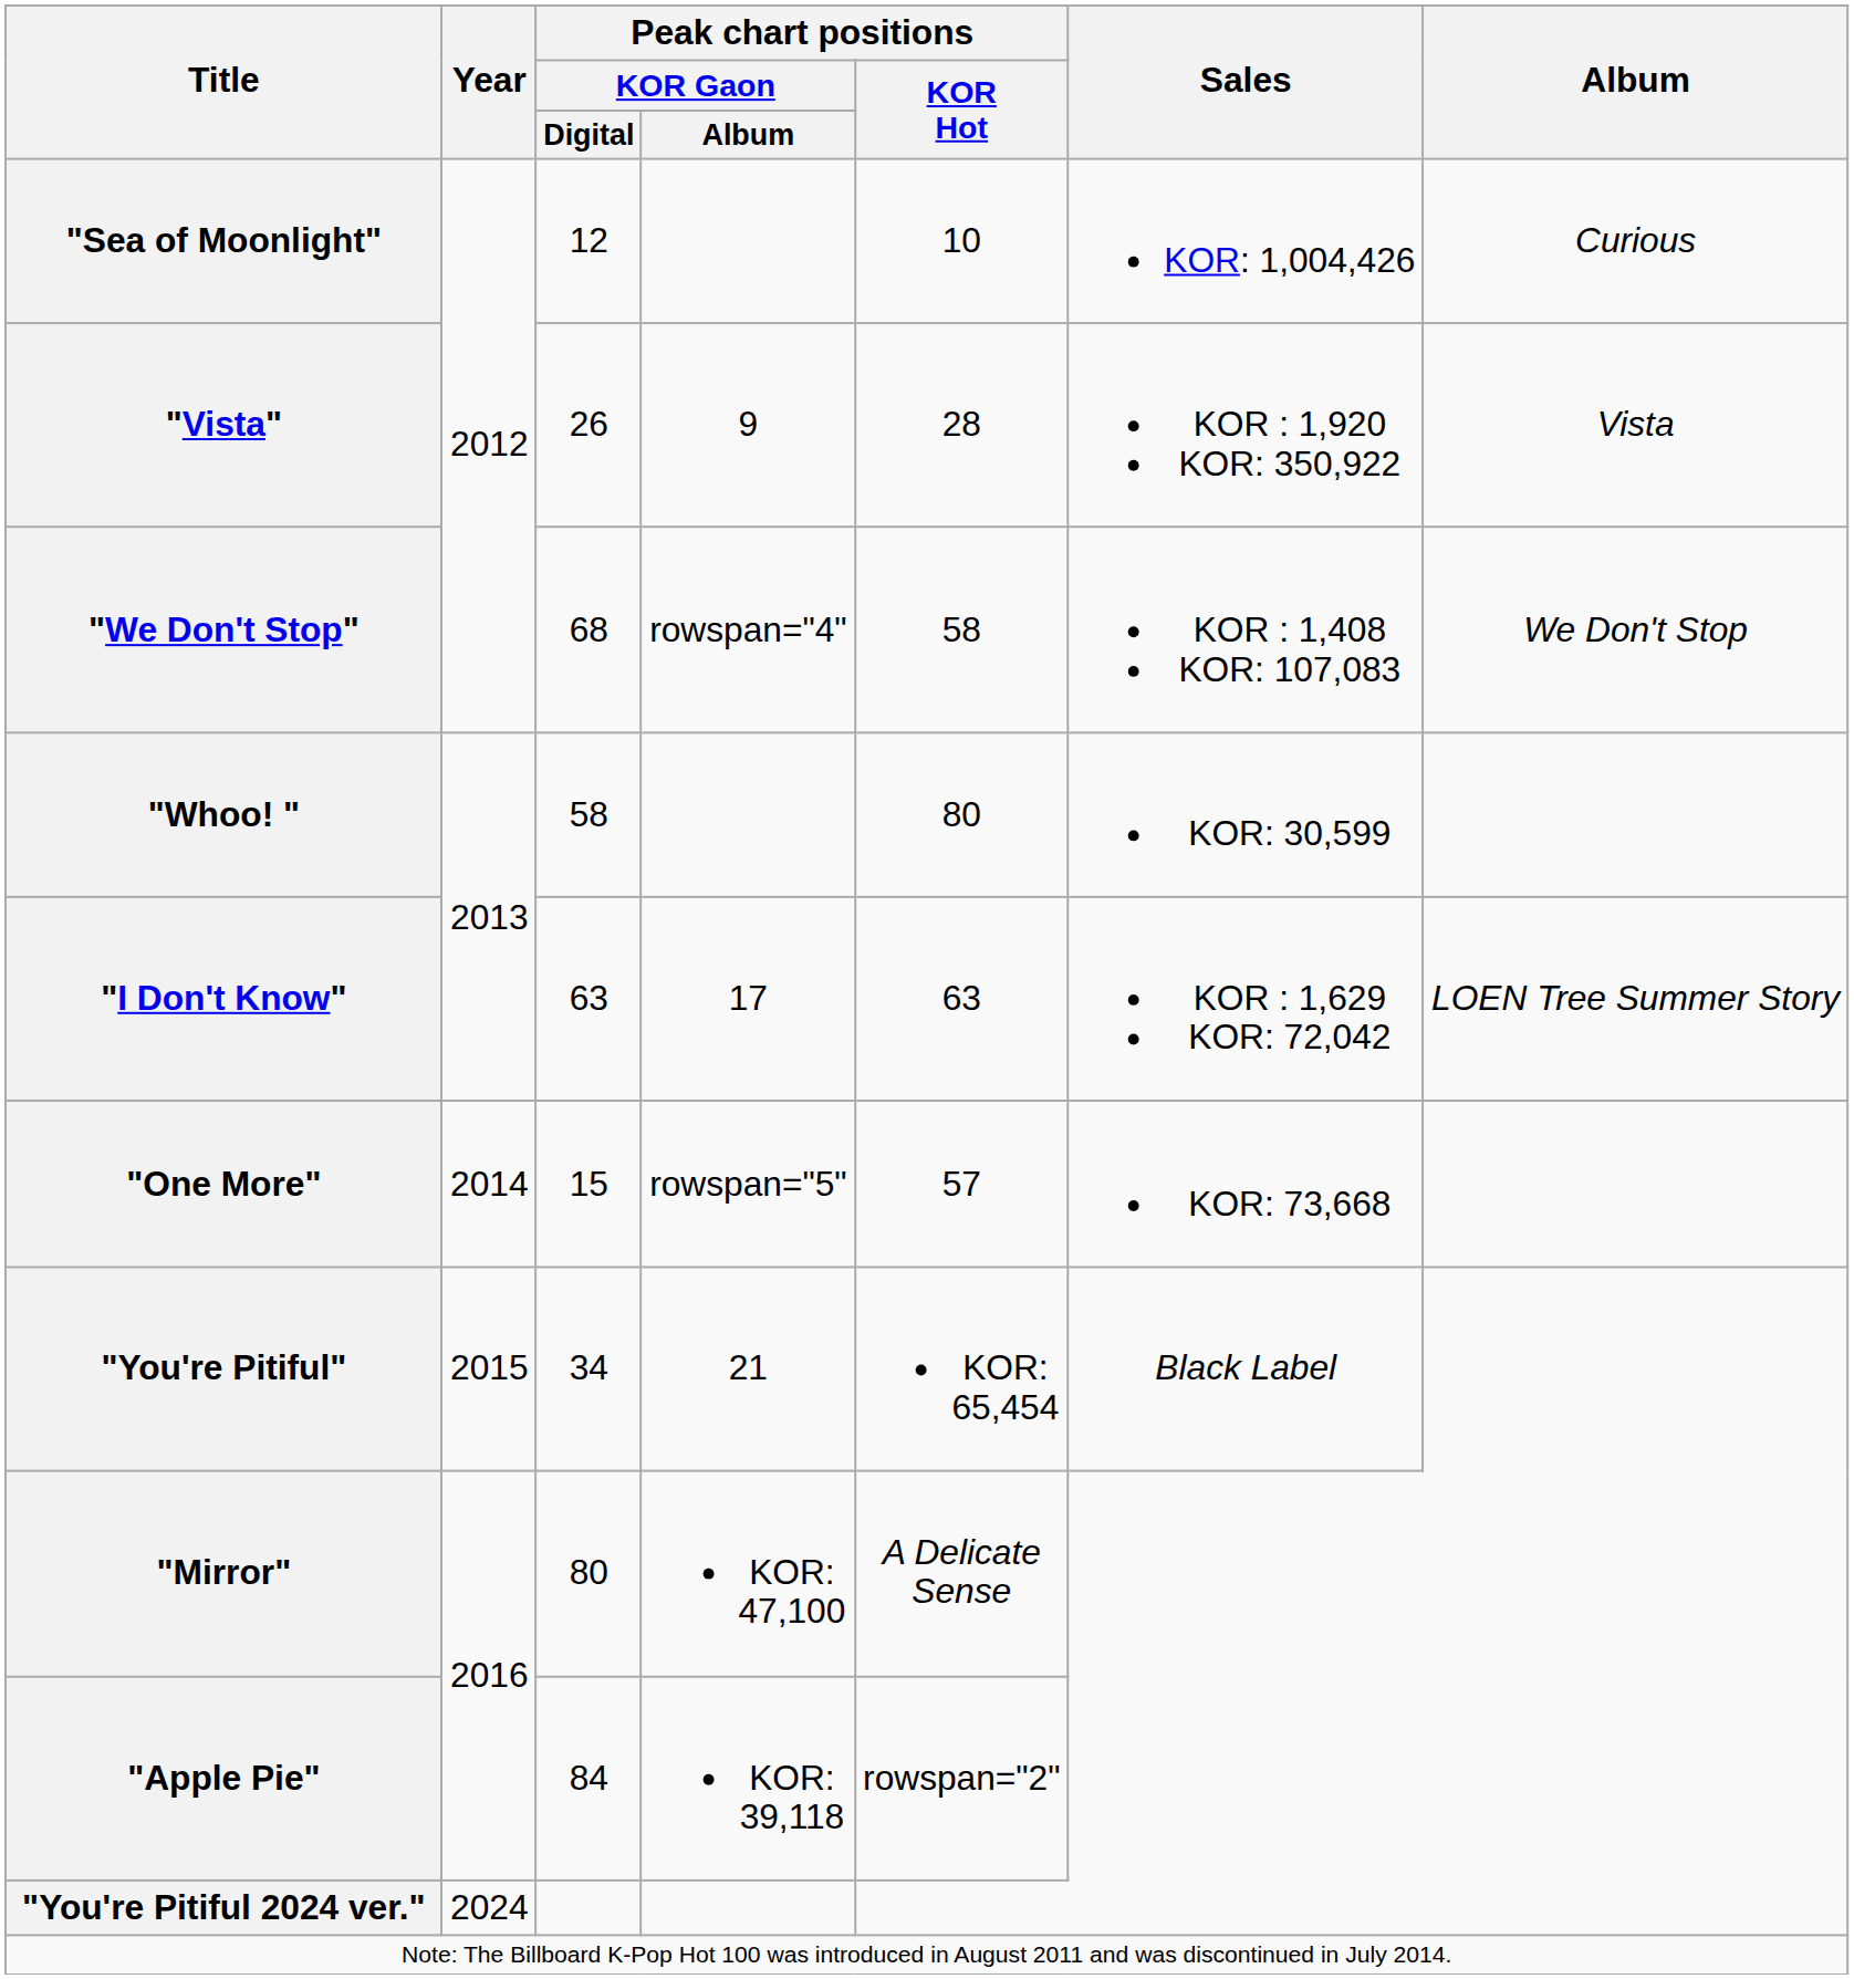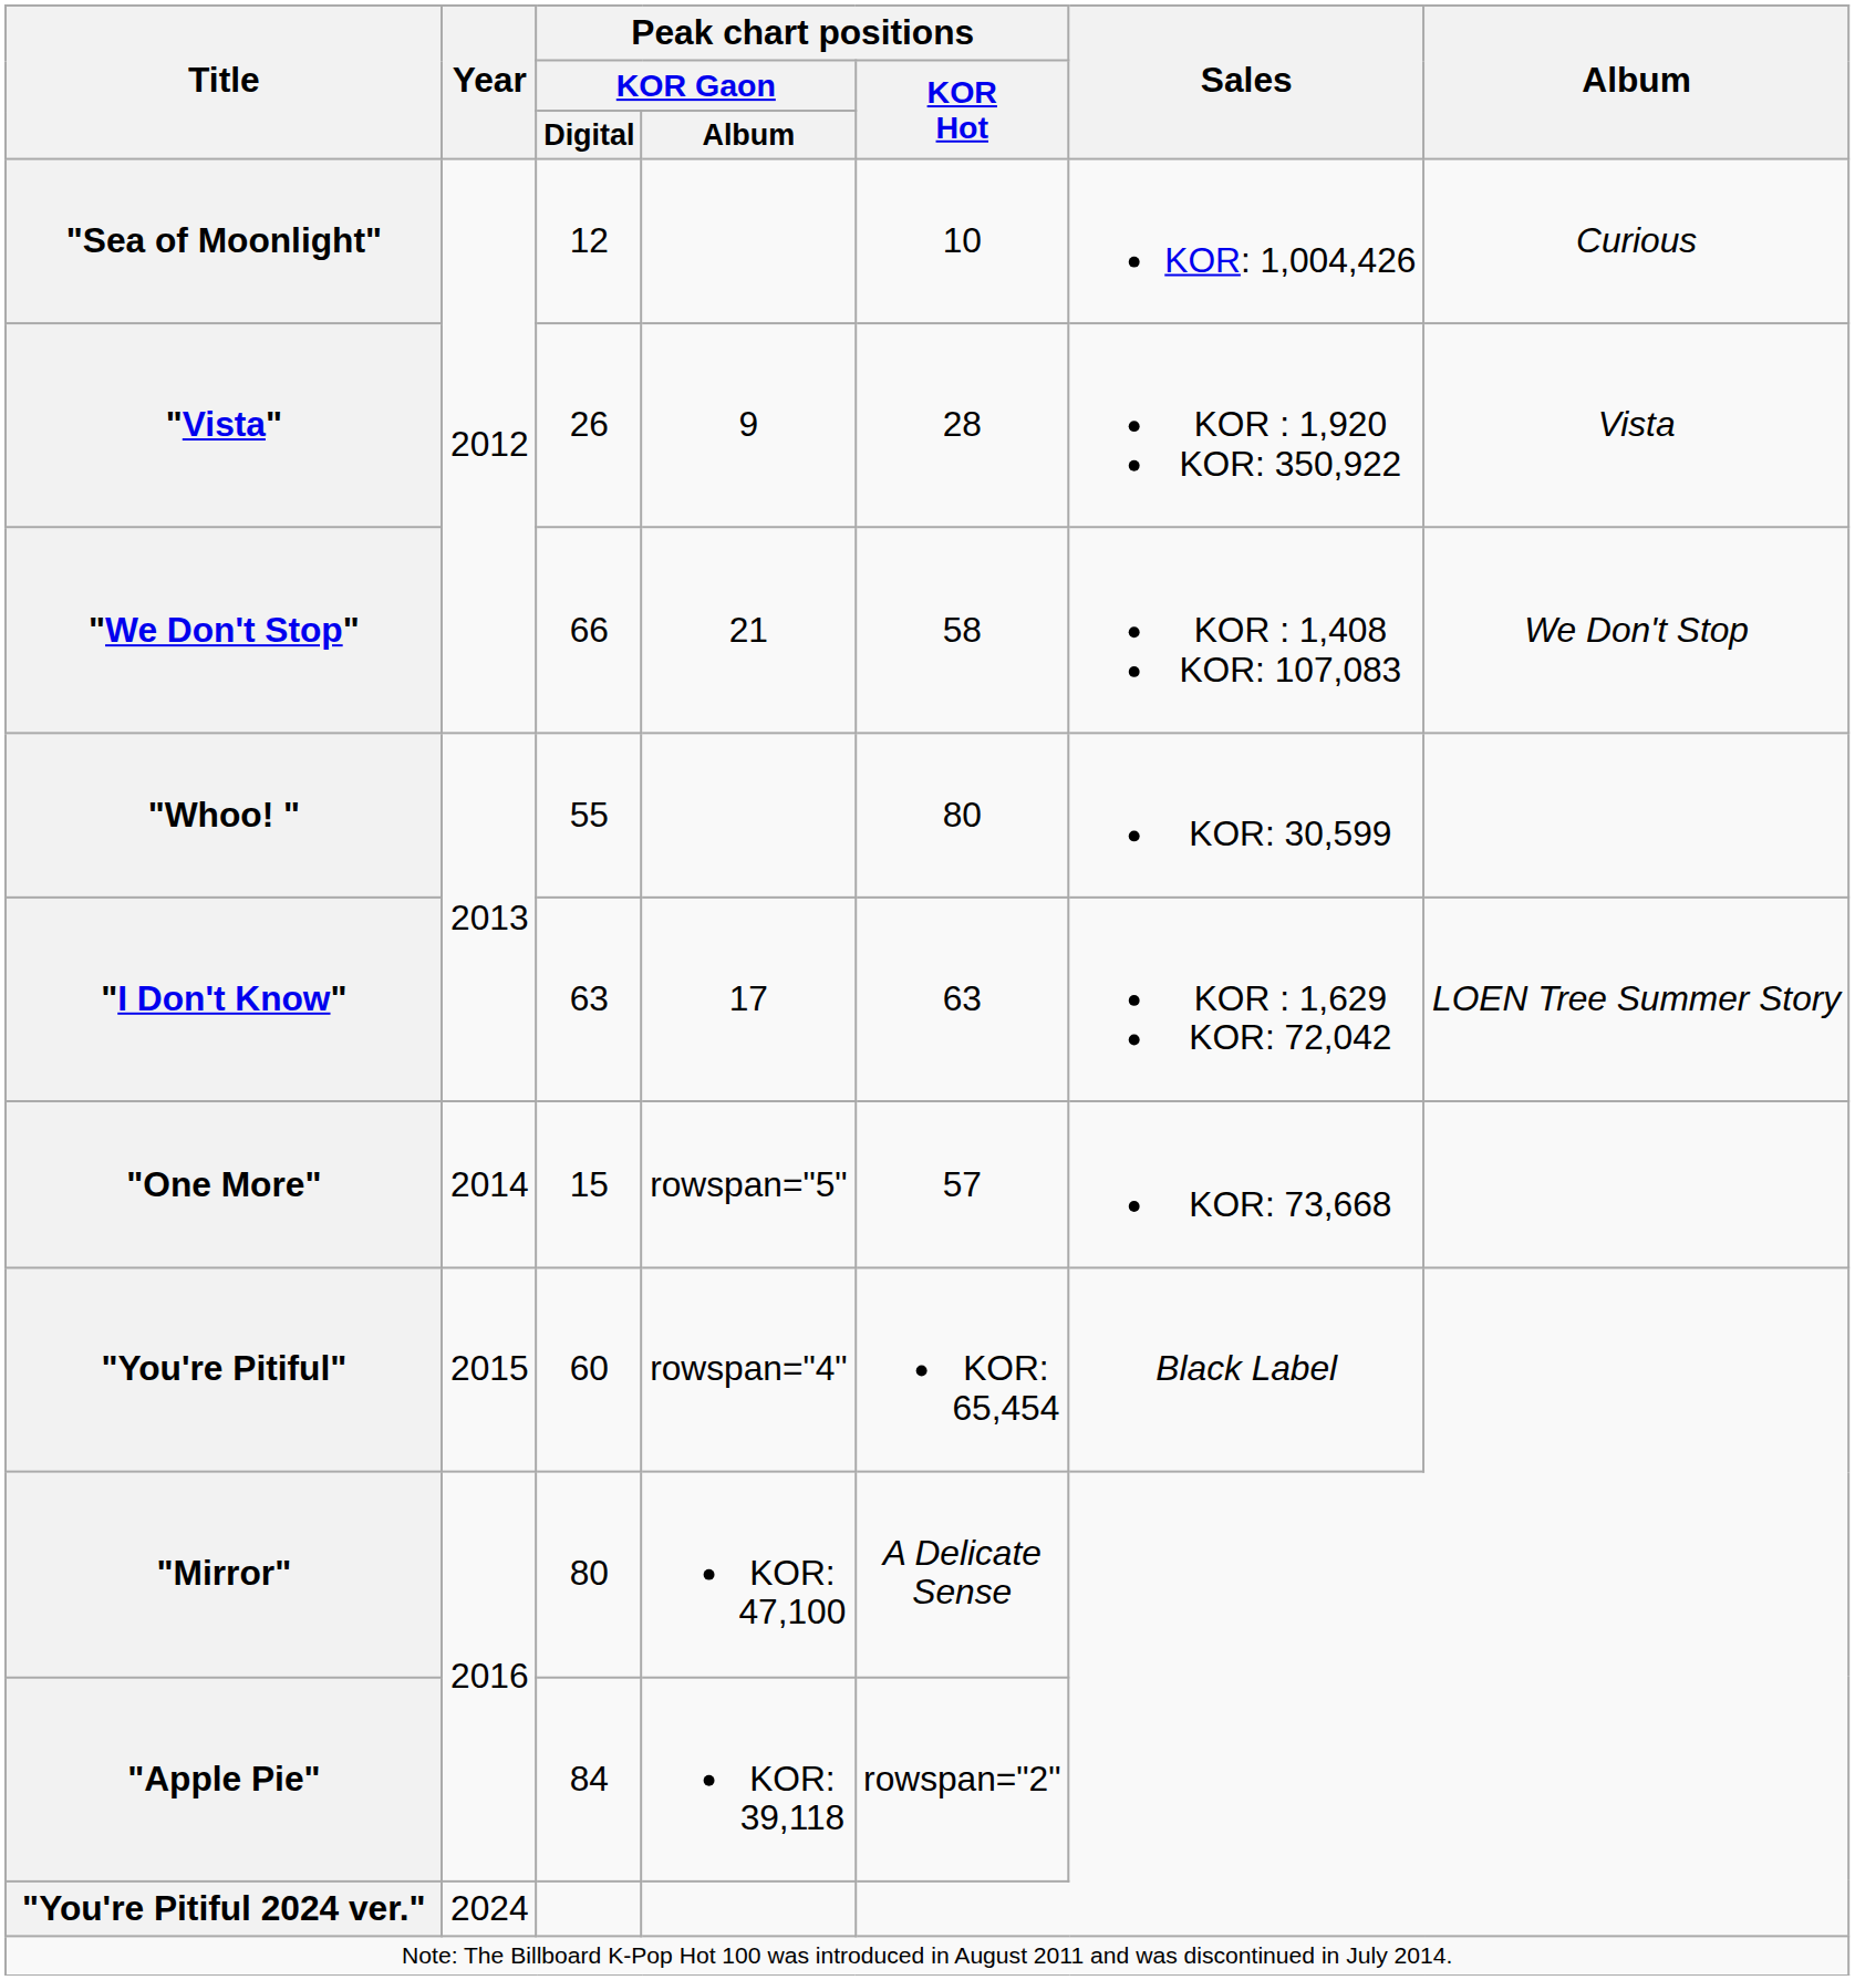 <table class="wikitable plainrowheaders" style="text-align:center">
 <tr>
 <th scope="col" rowspan="3" style="width:12em">Title</th>
 <th scope="col" rowspan="3">Year</th>
 <th scope="col" colspan="3">Peak chart positions</th>
 <th scope="col" rowspan="3">Sales</th>
 <th scope="col" rowspan="3">Album</th>
 </tr>
 <tr>
 <th scope="col" style="width:3em;font-size:90%" colspan="2"><a href='#'>KOR Gaon</a></th>
 <th scope="col" style="width:3em;font-size:90%" rowspan="2"><a href='#'>KOR<br>Hot</a><br></th>
 </tr>
 <tr>
 <th scope="col" style="width:3em;font-size:85%">Digital<br></th>
 <th scope="col" style="width:3em;font-size:85%">Album<br></th>
 </tr>
 <tr>
 <th scope="row">"Sea of Moonlight"<br></th>
 <td rowspan="3">2012</td>
 <td>12</td>
 <td></td>
 <td>10</td>
 <td><br><ul><li><a href='#'>KOR</a>: 1,004,426</li></ul></td>
 <td><em>Curious</em> </td>
 </tr>
 <tr>
 <th scope="row">"<a href='#'>Vista</a>"</th>
 <td>26</td>
 <td>9</td>
 <td>28</td>
 <td><br><ul><li>KOR : 1,920</li><li>KOR: 350,922</li></ul></td>
 <td><em>Vista</em> </td>
 </tr>
 <tr>
 <th scope="row">"<a href='#'>We Don't Stop</a>"</th>
-<td>68</td>
-<td>rowspan="4" </td>
+<td>66</td>
+<td>21</td>
 <td>58</td>
 <td><br><ul><li>KOR : 1,408</li><li>KOR: 107,083</li></ul></td>
 <td><em>We Don't Stop</em> </td>
 </tr>
 <tr>
 <th scope="row">"Whoo! "<br></th>
 <td rowspan="2">2013</td>
-<td>58</td>
+<td>55</td>
 <td></td>
 <td>80</td>
 <td><br><ul><li>KOR: 30,599</li></ul></td>
 <td></td>
 </tr>
 <tr>
 <th scope="row">"<a href='#'>I Don't Know</a>"</th>
 <td>63</td>
 <td>17</td>
 <td>63</td>
 <td><br><ul><li>KOR : 1,629</li><li>KOR: 72,042</li></ul></td>
 <td><em>LOEN Tree Summer Story</em></td>
 </tr>
 <tr>
 <th scope="row">"One More"</th>
 <td>2014</td>
 <td>15</td>
 <td>rowspan="5" </td>
 <td>57</td>
 <td><br><ul><li>KOR: 73,668</li></ul></td>
 <td></td>
 </tr>
 <tr>
 <th scope="row">"You're Pitiful"</th>
 <td>2015</td>
-<td>34</td>
-<td>21</td>
+<td>60</td>
+<td>rowspan="4" </td>
 <td><br><ul><li>KOR: 65,454</li></ul></td>
 <td><em>Black Label</em></td>
 </tr>
 <tr>
 <th scope="row">"Mirror"</th>
 <td rowspan="2">2016</td>
 <td>80</td>
 <td><br><ul><li>KOR: 47,100</li></ul></td>
 <td><em>A Delicate Sense</em></td>
 </tr>
 <tr>
 <th scope="row">"Apple Pie"</th>
 <td>84</td>
 <td><br><ul><li>KOR: 39,118</li></ul></td>
 <td>rowspan="2"</td>
 </tr>
 <tr>
 <th scope="row">"You're Pitiful 2024 ver."</th>
 <td>2024</td>
 <td></td>
 <td></td>
 </tr>
 <tr>
 <td colspan="8" style="font-size:8pt">Note: The Billboard K-Pop Hot 100 was introduced in August 2011 and was discontinued in July 2014.</td>
 </tr>
 </table>
